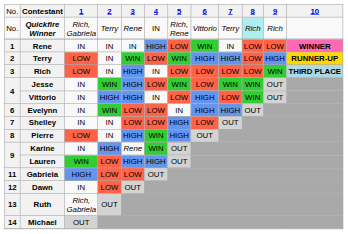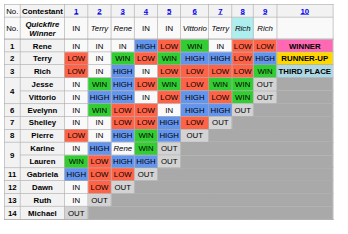 <table class="wikitable" style="text-align:center; align=center; font-size:80%">
 <tr>
 <td>No.</td>
 <th>Contestant</th>
 <th><a href='#'>1</a></th>
 <th><a href='#'>2</a></th>
 <th><a href='#'>3</a></th>
 <th><a href='#'>4</a></th>
 <th><a href='#'>5</a></th>
 <th><a href='#'>6</a></th>
 <th><a href='#'>7</a></th>
 <th><a href='#'>8</a></th>
 <th><a href='#'>9</a></th>
 <th><a href='#'>10</a></th>
 </tr>
 <tr>
 <td>No.</td>
 <td><strong><em>Quickfire</em></strong><br><strong><em>Winner</em></strong></td>
-<td><em>Rich,<br>Gabriela</em></td>
+<td>IN</td>
 <td><em>Terry</em></td>
 <td><em>Rene</em></td>
 <td>IN</td>
-<td><em>Rich,<br>Rene</em></td>
+<td>IN</td>
 <td><em>Vittorio</em></td>
 <td><em>Terry</em></td>
 <td style="background: paleturquoise;"><em>Rich</em></td>
 <td><em>Rich</em></td>
 <td></td>
 </tr>
 <tr>
 </tr>
 <tr>
 <th>1</th>
 <th>Rene</th>
 <td>IN</td>
 <td>IN</td>
 <td>IN</td>
 <td style="background:cornflowerblue;">HIGH</td>
 <td style="background:tomato;">LOW</td>
 <td style= "background:limegreen;">WIN</td>
 <td>IN</td>
 <td style="background:tomato;">LOW</td>
 <td style="background:tomato;">LOW</td>
 <td style="background:hotpink;"><strong>WINNER</strong></td>
 </tr>
 <tr>
 <th>2</th>
 <th>Terry</th>
 <td style="background:tomato;">LOW</td>
 <td>IN</td>
 <td style="background:limegreen;">WIN</td>
 <td style="background:tomato;">LOW</td>
 <td style="background:limegreen;">WIN</td>
 <td style="background:cornflowerblue;">HIGH</td>
 <td style="background:cornflowerblue;">HIGH</td>
 <td style="background:tomato;">LOW</td>
 <td style="background:cornflowerblue;">HIGH</td>
 <td style="background:gold"><strong>RUNNER-UP</strong></td>
 </tr>
 <tr>
 <th>3</th>
 <th>Rich</th>
 <td style="background:tomato">LOW</td>
 <td>IN</td>
 <td style="background:cornflowerblue;">HIGH</td>
 <td>IN</td>
 <td style="background:tomato;">LOW</td>
 <td style="background:tomato;">LOW</td>
 <td style="background:tomato;">LOW</td>
 <td style="background:tomato;">LOW</td>
 <td style="background:limegreen;">WIN</td>
 <td style="background:lightblue"><strong>THIRD PLACE</strong></td>
 </tr>
 <tr>
 <th rowspan="2">4</th>
 <th>Jesse</th>
 <td>IN</td>
 <td style="background:limegreen;">WIN</td>
 <td style="background:cornflowerblue;">HIGH</td>
 <td style="background:tomato;">LOW</td>
 <td style="background:limegreen;">WIN</td>
 <td style="background:tomato;">LOW</td>
 <td style="background:limegreen;">WIN</td>
 <td style="background:limegreen;">WIN</td>
 <td style="background:lightgray;">OUT</td>
 <td bgcolor="darkgray" colspan=13></td>
 </tr>
 <tr>
 <th>Vittorio</th>
 <td>IN</td>
 <td style="background:cornflowerblue;">HIGH</td>
 <td style="background:cornflowerblue;">HIGH</td>
 <td>IN</td>
 <td style="background:tomato;">LOW</td>
 <td style="background:cornflowerblue;">HIGH</td>
 <td style="background:tomato;">LOW</td>
 <td style="background:limegreen;">WIN</td>
 <td style="background:lightgray;">OUT</td>
 <td bgcolor="darkgray" colspan=13></td>
 </tr>
 <tr>
 <th>6</th>
 <th>Evelynn</th>
 <td>IN</td>
 <td style="background:limegreen;">WIN</td>
 <td style="background:tomato;">LOW</td>
 <td style="background:tomato;">LOW</td>
 <td>IN</td>
 <td style="background:cornflowerblue;">HIGH</td>
 <td style="background:cornflowerblue;">HIGH</td>
 <td style="background:lightgray;">OUT</td>
 <td bgcolor="darkgray" colspan=13></td>
 </tr>
 <tr>
 <th>7</th>
 <th>Shelley</th>
 <td>IN</td>
 <td>IN</td>
 <td style="background:tomato;">LOW</td>
 <td style="background:tomato;">LOW</td>
 <td style="background:cornflowerblue;">HIGH</td>
 <td style="background:tomato;">LOW</td>
 <td style="background:lightgray;">OUT</td>
 <td bgcolor="darkgray" colspan=13></td>
 </tr>
 <tr>
 <th>8</th>
 <th>Pierre</th>
 <td style="background:tomato;">LOW</td>
 <td>IN</td>
 <td style="background:cornflowerblue;">HIGH</td>
 <td style="background:limegreen;">WIN</td>
 <td style="background:cornflowerblue;">HIGH</td>
 <td style="background:lightgray;">OUT</td>
 <td bgcolor="darkgray" colspan=13></td>
 </tr>
 <tr>
 <th rowspan="2">9</th>
 <th>Karine</th>
 <td>IN</td>
 <td style="background:cornflowerblue;">HIGH</td>
 <td><em>Rene</em></td>
 <td style="background:limegreen;">WIN</td>
 <td style="background:lightgray;">OUT</td>
 <td bgcolor="darkgray" colspan=13></td>
 </tr>
 <tr>
 <th>Lauren</th>
 <td style="background:limegreen;">WIN</td>
 <td style="background:tomato;">LOW</td>
 <td style="background:cornflowerblue;">HIGH</td>
 <td style="background:cornflowerblue;">HIGH</td>
 <td style="background:lightgray;">OUT</td>
 <td bgcolor="darkgray" colspan=13></td>
 </tr>
 <tr>
 <th>11</th>
 <th>Gabriela</th>
 <td style="background:cornflowerblue;">HIGH</td>
 <td style="background:tomato;">LOW</td>
 <td style="background:tomato;">LOW</td>
 <td style="background:lightgray;">OUT</td>
 <td bgcolor="darkgray" colspan=13></td>
 </tr>
 <tr>
 <th>12</th>
 <th>Dawn</th>
 <td>IN</td>
 <td style="background:tomato;">LOW</td>
 <td style="background:lightgray;">OUT</td>
 <td bgcolor="darkgray" colspan=13></td>
 </tr>
 <tr>
 <th>13</th>
 <th>Ruth</th>
-<td><em>Rich,<br>Gabriela</em></td>
+<td>IN</td>
 <td style="background:lightgray;">OUT</td>
 <td bgcolor="darkgray" colspan=13></td>
 </tr>
 <tr>
 <th>14</th>
 <th>Michael</th>
 <td style="background:lightgray;">OUT</td>
 <td bgcolor="darkgray" colspan=13></td>
 </tr>
 <tr>
 </tr>
 <tr>
 </tr>
 </table>
